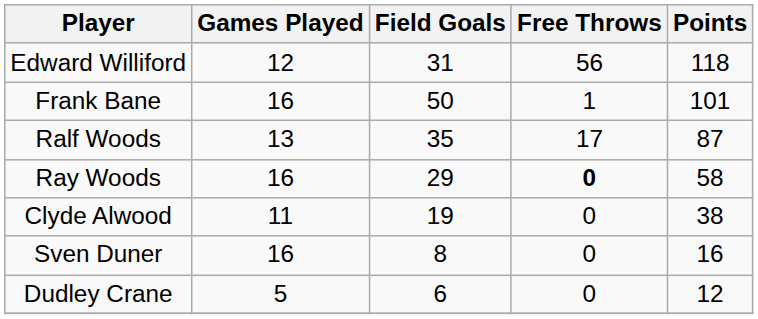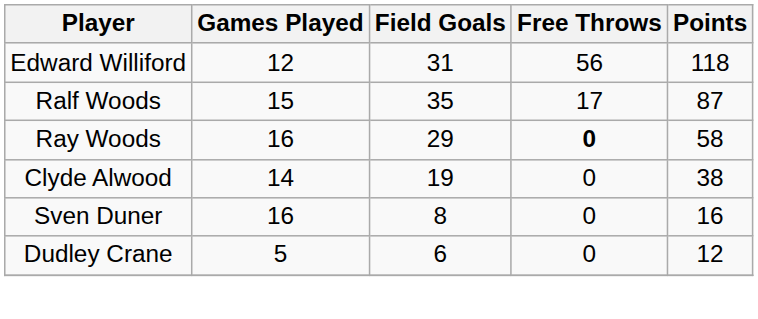 <table class="wikitable sortable">
 <tr>
 <th>Player</th>
 <th>Games Played</th>
 <th>Field Goals</th>
 <th>Free Throws</th>
 <th>Points</th>
 </tr>
 <tr align="center" bgcolor="">
 <td>Edward Williford</td>
 <td>12</td>
 <td>31</td>
 <td>56</td>
 <td>118</td>
 </tr>
 <tr align="center" bgcolor="">
-<td>Frank Bane</td>
-<td>16</td>
-<td>50</td>
-<td>1</td>
-<td>101</td>
-</tr>
-<tr align="center" bgcolor="">
 <td>Ralf Woods</td>
-<td>13</td>
+<td>15</td>
 <td>35</td>
 <td>17</td>
 <td>87</td>
 </tr>
 <tr align="center" bgcolor="">
 <td>Ray Woods</td>
 <td>16</td>
 <td>29</td>
 <td><strong>0</strong></td>
 <td>58</td>
 </tr>
 <tr align="center" bgcolor="">
 <td>Clyde Alwood</td>
-<td>11</td>
+<td>14</td>
 <td>19</td>
 <td>0</td>
 <td>38</td>
 </tr>
 <tr align="center" bgcolor="">
 <td>Sven Duner</td>
 <td>16</td>
 <td>8</td>
 <td>0</td>
 <td>16</td>
 </tr>
 <tr align="center" bgcolor="">
 <td>Dudley Crane</td>
 <td>5</td>
 <td>6</td>
 <td>0</td>
 <td>12</td>
 </tr>
 <tr align="center" bgcolor="">
 </tr>
 </table>
